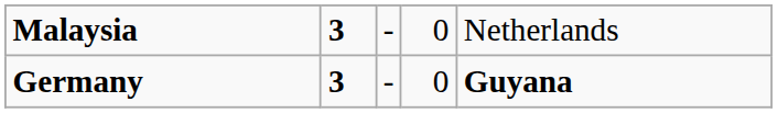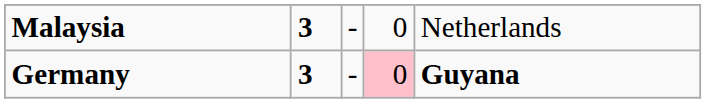 <table class="wikitable">
 <tr>
 <td width=150> <strong>Malaysia</strong></td>
 <td width=20 align="left"><strong>3</strong></td>
 <td>-</td>
 <td width=20 align="right">0</td>
 <td width=150> Netherlands</td>
 </tr>
 <tr>
 <td> <strong>Germany</strong></td>
 <td align="left"><strong>3</strong></td>
 <td>-</td>
-<td align="right">0</td>
+<td align="right" style="background: pink;">0</td>
 <td><strong> Guyana</strong></td>
 </tr>
 </table>
